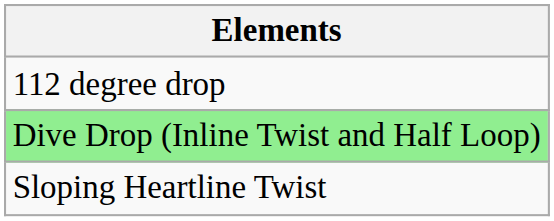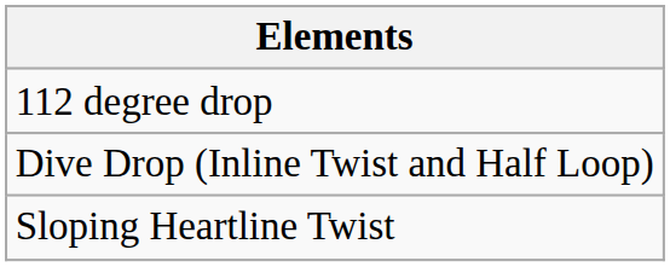 <table class="wikitable">
 <tr>
 <th>Elements</th>
 </tr>
 <tr>
 <td>112 degree drop</td>
 </tr>
 <tr>
-<td style="background: lightgreen;">Dive Drop (Inline Twist and Half Loop)</td>
+<td>Dive Drop (Inline Twist and Half Loop)</td>
 </tr>
 <tr>
 <td>Sloping Heartline Twist</td>
 </tr>
 </table>
